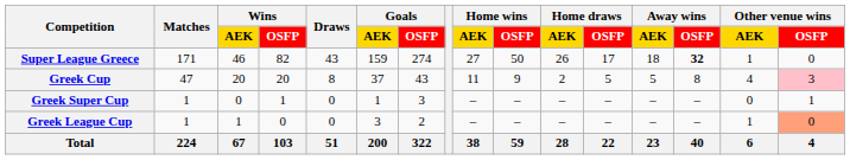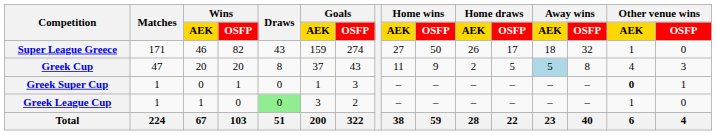 <table class="wikitable" style="font-size:85%; width:70%; text-align: center;">
 <tr>
 <th rowspan="2">Competition</th>
 <th rowspan="2">Matches</th>
 <th colspan="2">Wins</th>
 <th rowspan="2">Draws</th>
 <th colspan="2">Goals</th>
 <th rowspan="7"></th>
 <th colspan="2">Home wins</th>
 <th colspan="2">Home draws</th>
 <th colspan="2">Away wins</th>
 <th colspan="2">Other venue wins</th>
 </tr>
 <tr>
 <th style="color:black;background:#ffd700">AEK</th>
 <th style="color:white;background:#ff0000">OSFP</th>
 <th style="color:black;background:#ffd700">AEK</th>
 <th style="color:white;background:#ff0000">OSFP</th>
 <th style="color:black;background:#ffd700">AEK</th>
 <th style="color:white;background:#ff0000">OSFP</th>
 <th style="color:black;background:#ffd700">AEK</th>
 <th style="color:white;background:#ff0000">OSFP</th>
 <th style="color:black;background:#ffd700">AEK</th>
 <th style="color:white;background:#ff0000">OSFP</th>
 <th style="color:black;background:#ffd700">AEK</th>
 <th style="color:white;background:#ff0000">OSFP</th>
 </tr>
 <tr>
 <th><a href='#'>Super League Greece</a></th>
 <td>171</td>
 <td>46</td>
 <td>82</td>
 <td>43</td>
 <td>159</td>
 <td>274</td>
 <td>27</td>
 <td>50</td>
 <td>26</td>
 <td>17</td>
 <td>18</td>
-<td><strong>32</strong></td>
+<td>32</td>
 <td>1</td>
 <td>0</td>
 </tr>
 <tr>
 <th><a href='#'>Greek Cup</a></th>
 <td>47</td>
 <td>20</td>
 <td>20</td>
 <td>8</td>
 <td>37</td>
 <td>43</td>
 <td>11</td>
 <td>9</td>
 <td>2</td>
 <td>5</td>
-<td>5</td>
+<td style="background: lightblue;">5</td>
 <td>8</td>
 <td>4</td>
-<td style="background: pink;">3</td>
+<td>3</td>
 </tr>
 <tr>
 <th><a href='#'>Greek Super Cup</a></th>
 <td>1</td>
 <td>0</td>
 <td>1</td>
 <td>0</td>
 <td>1</td>
 <td>3</td>
 <td>–</td>
 <td>–</td>
 <td>–</td>
 <td>–</td>
 <td>–</td>
 <td>–</td>
-<td>0</td>
+<td><strong>0</strong></td>
 <td>1</td>
 </tr>
 <tr>
 <th><a href='#'>Greek League Cup</a></th>
 <td>1</td>
 <td>1</td>
 <td>0</td>
-<td>0</td>
+<td style="background: lightgreen;">0</td>
 <td>3</td>
 <td>2</td>
 <td>–</td>
 <td>–</td>
 <td>–</td>
 <td>–</td>
 <td>–</td>
 <td>–</td>
 <td>1</td>
-<td style="background: lightsalmon;">0</td>
+<td>0</td>
 </tr>
 <tr>
 <th>Total</th>
 <th>224</th>
 <th>67</th>
 <th>103</th>
 <th>51</th>
 <th>200</th>
 <th>322</th>
 <th>38</th>
 <th>59</th>
 <th>28</th>
 <th>22</th>
 <th>23</th>
 <th>40</th>
 <th>6</th>
 <th>4</th>
 </tr>
 </table>
